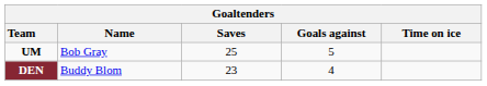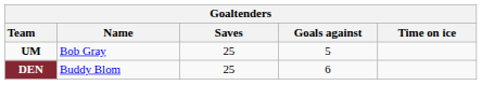 <table class="wikitable" style="width:40em; text-align:right;">
 <tr>
 <th colspan=5>Goaltenders</th>
 </tr>
 <tr>
 <th style="width:4em; text-align:left;">Team</th>
 <th style="width:10em;">Name</th>
 <th style="width:8em;">Saves</th>
 <th style="width:8em;">Goals against</th>
 <th style="width:8em;">Time on ice</th>
 </tr>
 <tr>
 <td align=center><strong>UM</strong></td>
 <td style="text-align:left;"><a href='#'>Bob Gray</a></td>
 <td align=center>25</td>
 <td align=center>5</td>
 <td align=center></td>
 </tr>
 <tr>
 <td align=center style="color:white; background:#862633; "><strong>DEN</strong></td>
 <td style="text-align:left;"><a href='#'>Buddy Blom</a></td>
-<td align=center>23</td>
-<td align=center>4</td>
+<td align=center>25</td>
+<td align=center>6</td>
 <td align=center></td>
 </tr>
 </table>
